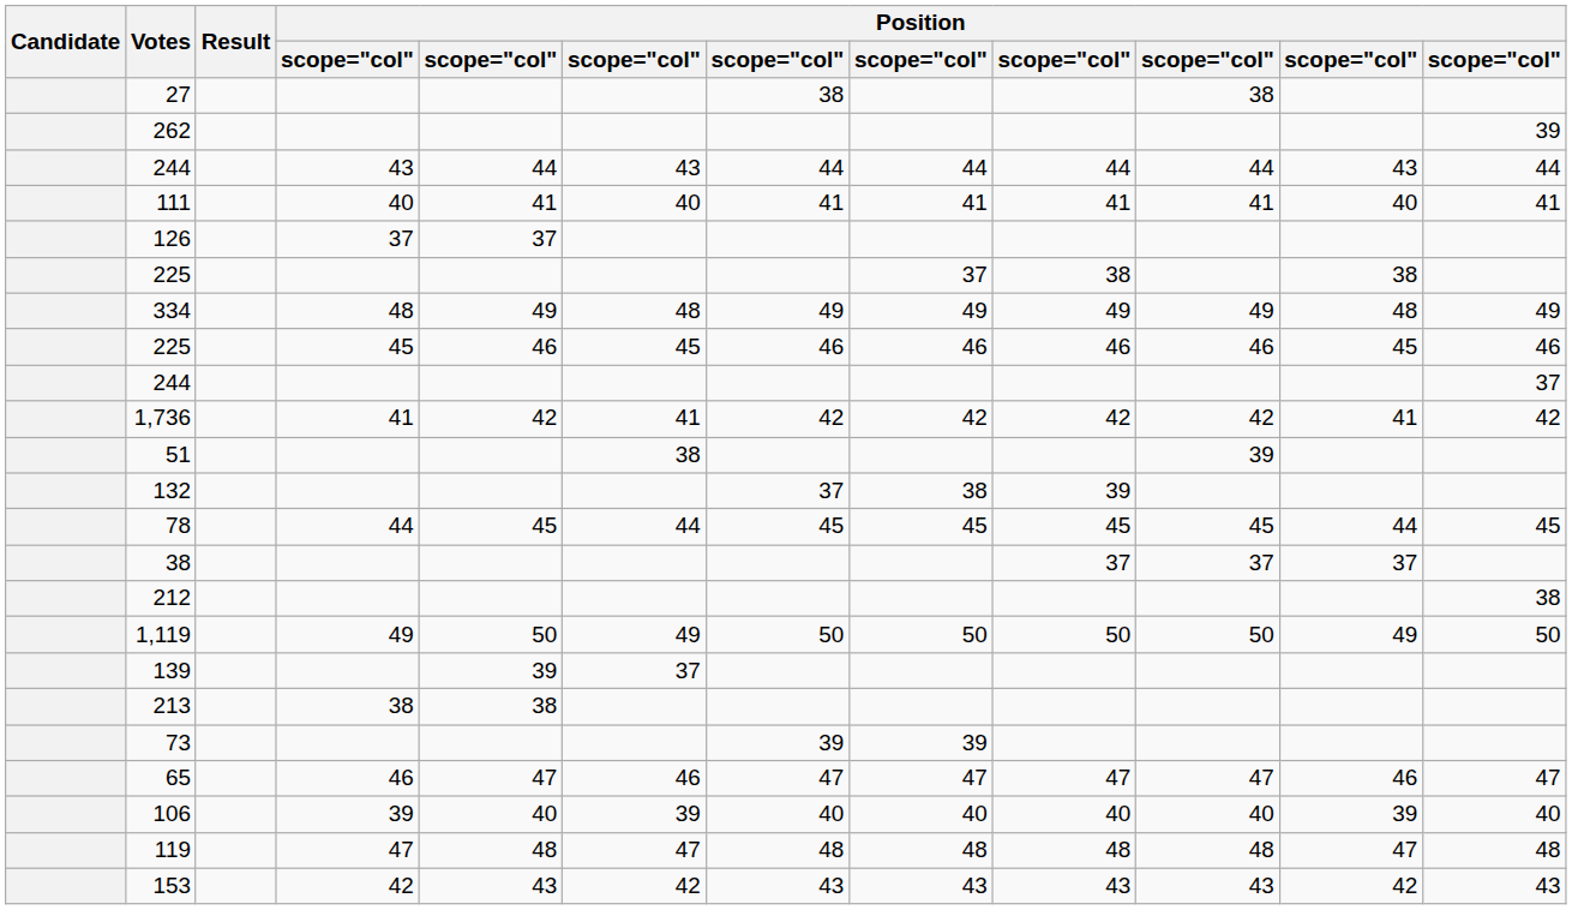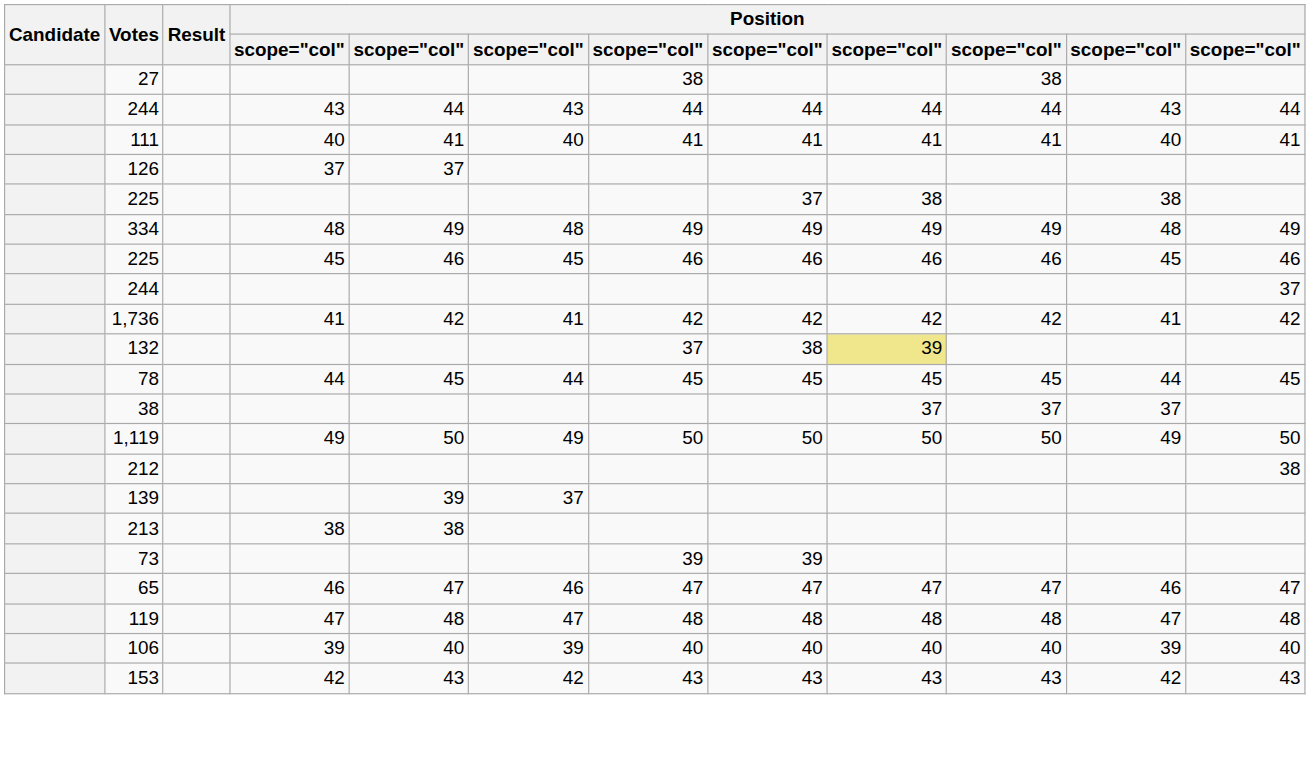 <table class="wikitable sortable">
 <tr>
 <th scope="col" rowspan="2">Candidate</th>
 <th scope="col" rowspan="2">Votes</th>
 <th scope="col" rowspan="2">Result</th>
 <th scope="col" colspan="9">Position</th>
 </tr>
 <tr>
 <th>scope="col" </th>
 <th>scope="col" </th>
 <th>scope="col" </th>
 <th>scope="col" </th>
 <th>scope="col" </th>
 <th>scope="col" </th>
 <th>scope="col" </th>
 <th>scope="col" </th>
 <th>scope="col" </th>
 </tr>
 <tr>
 <th scope="row"></th>
 <td style="text-align:right">27</td>
 <td></td>
 <td></td>
 <td></td>
 <td></td>
 <td style="text-align:right">38</td>
 <td></td>
 <td></td>
 <td style="text-align:right">38</td>
 <td></td>
 <td></td>
-</tr>
-<tr>
-<th scope="row"></th>
-<td style="text-align:right">262</td>
-<td></td>
-<td></td>
-<td></td>
-<td></td>
-<td></td>
-<td></td>
-<td></td>
-<td></td>
-<td></td>
-<td style="text-align:right">39</td>
 </tr>
 <tr>
 <th scope="row"></th>
 <td style="text-align:right">244</td>
 <td></td>
 <td style="text-align:right">43</td>
 <td style="text-align:right">44</td>
 <td style="text-align:right">43</td>
 <td style="text-align:right">44</td>
 <td style="text-align:right">44</td>
 <td style="text-align:right">44</td>
 <td style="text-align:right">44</td>
 <td style="text-align:right">43</td>
 <td style="text-align:right">44</td>
 </tr>
 <tr>
 <th scope="row"></th>
 <td style="text-align:right">111</td>
 <td></td>
 <td style="text-align:right">40</td>
 <td style="text-align:right">41</td>
 <td style="text-align:right">40</td>
 <td style="text-align:right">41</td>
 <td style="text-align:right">41</td>
 <td style="text-align:right">41</td>
 <td style="text-align:right">41</td>
 <td style="text-align:right">40</td>
 <td style="text-align:right">41</td>
 </tr>
 <tr>
 <th scope="row"></th>
 <td style="text-align:right">126</td>
 <td></td>
 <td style="text-align:right">37</td>
 <td style="text-align:right">37</td>
 <td></td>
 <td></td>
 <td></td>
 <td></td>
 <td></td>
 <td></td>
 <td></td>
 </tr>
 <tr>
 <th scope="row"></th>
 <td style="text-align:right">225</td>
 <td></td>
 <td></td>
 <td></td>
 <td></td>
 <td></td>
 <td style="text-align:right">37</td>
 <td style="text-align:right">38</td>
 <td></td>
 <td style="text-align:right">38</td>
 <td></td>
 </tr>
 <tr>
 <th scope="row"></th>
 <td style="text-align:right">334</td>
 <td></td>
 <td style="text-align:right">48</td>
 <td style="text-align:right">49</td>
 <td style="text-align:right">48</td>
 <td style="text-align:right">49</td>
 <td style="text-align:right">49</td>
 <td style="text-align:right">49</td>
 <td style="text-align:right">49</td>
 <td style="text-align:right">48</td>
 <td style="text-align:right">49</td>
 </tr>
 <tr>
 <th scope="row"></th>
 <td style="text-align:right">225</td>
 <td></td>
 <td style="text-align:right">45</td>
 <td style="text-align:right">46</td>
 <td style="text-align:right">45</td>
 <td style="text-align:right">46</td>
 <td style="text-align:right">46</td>
 <td style="text-align:right">46</td>
 <td style="text-align:right">46</td>
 <td style="text-align:right">45</td>
 <td style="text-align:right">46</td>
 </tr>
 <tr>
 <th scope="row"></th>
 <td style="text-align:right">244</td>
 <td></td>
 <td></td>
 <td></td>
 <td></td>
 <td></td>
 <td></td>
 <td></td>
 <td></td>
 <td></td>
 <td style="text-align:right">37</td>
 </tr>
 <tr>
 <th scope="row"></th>
 <td style="text-align:right">1,736</td>
 <td></td>
 <td style="text-align:right">41</td>
 <td style="text-align:right">42</td>
 <td style="text-align:right">41</td>
 <td style="text-align:right">42</td>
 <td style="text-align:right">42</td>
 <td style="text-align:right">42</td>
 <td style="text-align:right">42</td>
 <td style="text-align:right">41</td>
 <td style="text-align:right">42</td>
 </tr>
 <tr>
 <th scope="row"></th>
-<td style="text-align:right">51</td>
-<td></td>
-<td></td>
-<td></td>
-<td style="text-align:right">38</td>
-<td></td>
-<td></td>
-<td></td>
-<td style="text-align:right">39</td>
-<td></td>
-<td></td>
-</tr>
-<tr>
-<th scope="row"></th>
 <td style="text-align:right">132</td>
 <td></td>
 <td></td>
 <td></td>
 <td></td>
 <td style="text-align:right">37</td>
 <td style="text-align:right">38</td>
-<td style="text-align:right">39</td>
+<td style="background: khaki; text-align:right">39</td>
 <td></td>
 <td></td>
 <td></td>
 </tr>
 <tr>
 <th scope="row"></th>
 <td style="text-align:right">78</td>
 <td></td>
 <td style="text-align:right">44</td>
 <td style="text-align:right">45</td>
 <td style="text-align:right">44</td>
 <td style="text-align:right">45</td>
 <td style="text-align:right">45</td>
 <td style="text-align:right">45</td>
 <td style="text-align:right">45</td>
 <td style="text-align:right">44</td>
 <td style="text-align:right">45</td>
 </tr>
 <tr>
 <th scope="row"></th>
 <td style="text-align:right">38</td>
 <td></td>
 <td></td>
 <td></td>
 <td></td>
 <td></td>
 <td></td>
 <td style="text-align:right">37</td>
 <td style="text-align:right">37</td>
 <td style="text-align:right">37</td>
 <td></td>
 </tr>
 <tr>
 <th scope="row"></th>
+<td style="text-align:right">1,119</td>
+<td></td>
+<td style="text-align:right">49</td>
+<td style="text-align:right">50</td>
+<td style="text-align:right">49</td>
+<td style="text-align:right">50</td>
+<td style="text-align:right">50</td>
+<td style="text-align:right">50</td>
+<td style="text-align:right">50</td>
+<td style="text-align:right">49</td>
+<td style="text-align:right">50</td>
+</tr>
+<tr>
+<th scope="row"></th>
 <td style="text-align:right">212</td>
 <td></td>
 <td></td>
 <td></td>
 <td></td>
 <td></td>
 <td></td>
 <td></td>
 <td></td>
 <td></td>
 <td style="text-align:right">38</td>
-</tr>
-<tr>
-<th scope="row"></th>
-<td style="text-align:right">1,119</td>
-<td></td>
-<td style="text-align:right">49</td>
-<td style="text-align:right">50</td>
-<td style="text-align:right">49</td>
-<td style="text-align:right">50</td>
-<td style="text-align:right">50</td>
-<td style="text-align:right">50</td>
-<td style="text-align:right">50</td>
-<td style="text-align:right">49</td>
-<td style="text-align:right">50</td>
 </tr>
 <tr>
 <th scope="row"></th>
 <td style="text-align:right">139</td>
 <td></td>
 <td></td>
 <td style="text-align:right">39</td>
 <td style="text-align:right">37</td>
 <td></td>
 <td></td>
 <td></td>
 <td></td>
 <td></td>
 <td></td>
 </tr>
 <tr>
 <th scope="row"></th>
 <td style="text-align:right">213</td>
 <td></td>
 <td style="text-align:right">38</td>
 <td style="text-align:right">38</td>
 <td></td>
 <td></td>
 <td></td>
 <td></td>
 <td></td>
 <td></td>
 <td></td>
 </tr>
 <tr>
 <th scope="row"></th>
 <td style="text-align:right">73</td>
 <td></td>
 <td></td>
 <td></td>
 <td></td>
 <td style="text-align:right">39</td>
 <td style="text-align:right">39</td>
 <td></td>
 <td></td>
 <td></td>
 <td></td>
 </tr>
 <tr>
 <th scope="row"></th>
 <td style="text-align:right">65</td>
 <td></td>
 <td style="text-align:right">46</td>
 <td style="text-align:right">47</td>
 <td style="text-align:right">46</td>
 <td style="text-align:right">47</td>
 <td style="text-align:right">47</td>
 <td style="text-align:right">47</td>
 <td style="text-align:right">47</td>
 <td style="text-align:right">46</td>
 <td style="text-align:right">47</td>
 </tr>
 <tr>
 <th scope="row"></th>
+<td style="text-align:right">119</td>
+<td></td>
+<td style="text-align:right">47</td>
+<td style="text-align:right">48</td>
+<td style="text-align:right">47</td>
+<td style="text-align:right">48</td>
+<td style="text-align:right">48</td>
+<td style="text-align:right">48</td>
+<td style="text-align:right">48</td>
+<td style="text-align:right">47</td>
+<td style="text-align:right">48</td>
+</tr>
+<tr>
+<th scope="row"></th>
 <td style="text-align:right">106</td>
 <td></td>
 <td style="text-align:right">39</td>
 <td style="text-align:right">40</td>
 <td style="text-align:right">39</td>
 <td style="text-align:right">40</td>
 <td style="text-align:right">40</td>
 <td style="text-align:right">40</td>
 <td style="text-align:right">40</td>
 <td style="text-align:right">39</td>
 <td style="text-align:right">40</td>
-</tr>
-<tr>
-<th scope="row"></th>
-<td style="text-align:right">119</td>
-<td></td>
-<td style="text-align:right">47</td>
-<td style="text-align:right">48</td>
-<td style="text-align:right">47</td>
-<td style="text-align:right">48</td>
-<td style="text-align:right">48</td>
-<td style="text-align:right">48</td>
-<td style="text-align:right">48</td>
-<td style="text-align:right">47</td>
-<td style="text-align:right">48</td>
 </tr>
 <tr>
 <th scope="row"></th>
 <td style="text-align:right">153</td>
 <td></td>
 <td style="text-align:right">42</td>
 <td style="text-align:right">43</td>
 <td style="text-align:right">42</td>
 <td style="text-align:right">43</td>
 <td style="text-align:right">43</td>
 <td style="text-align:right">43</td>
 <td style="text-align:right">43</td>
 <td style="text-align:right">42</td>
 <td style="text-align:right">43</td>
 </tr>
 </table>
